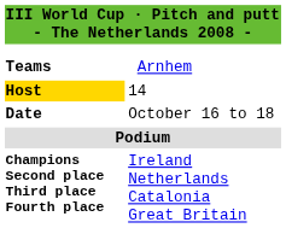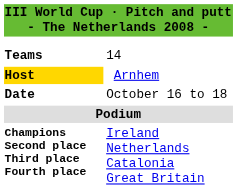 <table class="toccolours" style="float: right; margin: 0 0 1em 1em; font-size: 90%;">
 <tr>
 <td colspan="2" style="background: #66bb33; text-align: center;"><strong>III World Cup · Pitch and putt<br>- The Netherlands 2008 -</strong></td>
 </tr>
 <tr>
 <td colspan="2" style="text-align: center;"></td>
 </tr>
 <tr style="vertical-align:top;">
 <td colspan=2></td>
 </tr>
 <tr style="vertical-align:top;">
 <td width=90><strong>Teams</strong></td>
-<td> <a href='#'>Arnhem</a></td>
+<td>14</td>
 </tr>
 <tr style="vertical-align:top;">
 <td style="background: gold;"><strong>Host</strong></td>
-<td>14</td>
+<td> <a href='#'>Arnhem</a></td>
 </tr>
 <tr style="vertical-align:top;">
 <td><strong>Date</strong></td>
 <td>October 16 to 18</td>
 </tr>
 <tr>
 <td colspan="2" style="background: #dedede; text-align: center;"><strong>Podium</strong></td>
 </tr>
 <tr style="vertical-align:top;">
 <td style=font-size:90%> <strong>Champions</strong><br> <strong>Second place</strong><br> <strong>Third place</strong><br><strong>Fourth place</strong></td>
 <td> <a href='#'>Ireland</a><br> <a href='#'>Netherlands</a><br> <a href='#'>Catalonia</a><br> <a href='#'>Great Britain</a></td>
 </tr>
 </table>
